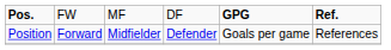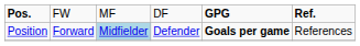 <table class="wikitable">
 <tr>
 <td><strong>Pos.</strong></td>
 <td>FW</td>
 <td>MF</td>
 <td>DF</td>
 <td><strong>GPG</strong></td>
 <td><strong>Ref.</strong></td>
 </tr>
 <tr>
 <td><a href='#'>Position</a></td>
 <td><a href='#'>Forward</a></td>
-<td><a href='#'>Midfielder</a></td>
+<td style="background: lightblue;"><a href='#'>Midfielder</a></td>
 <td><a href='#'>Defender</a></td>
-<td>Goals per game</td>
+<td><strong>Goals per game</strong></td>
 <td>References</td>
 </tr>
 <tr>
 </tr>
 </table>
